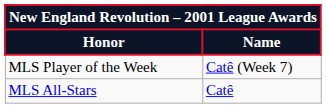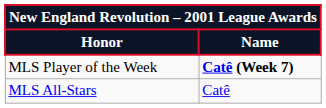 <table class="wikitable">
 <tr>
 <th colspan="3" style="background:#0c1527; color:#fff; border:2px solid #e20e2a; text-align: center; font-weight:bold;">New England Revolution – 2001 League Awards</th>
 </tr>
 <tr>
 <th style="background:#0c1527; color:#fff; border:2px solid #e20e2a;" scope="col">Honor</th>
 <th style="background:#0c1527; color:#fff; border:2px solid #e20e2a;" scope="col">Name</th>
 </tr>
 <tr>
 <td>MLS Player of the Week</td>
-<td><a href='#'>Catê</a> (Week 7)</td>
+<td><strong><a href='#'>Catê</a> (Week 7)</strong></td>
 </tr>
 <tr>
 <td><a href='#'>MLS All-Stars</a></td>
 <td><a href='#'>Catê</a></td>
 </tr>
 </table>
